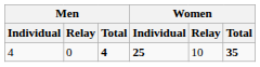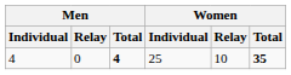 <table class="wikitable">
 <tr>
 <th colspan="3"><strong>Men</strong></th>
 <th colspan="3"><strong>Women</strong></th>
 </tr>
 <tr>
 <th><strong>Individual</strong></th>
 <th><strong>Relay</strong></th>
 <th><strong>Total</strong></th>
 <th><strong>Individual</strong></th>
 <th><strong>Relay</strong></th>
 <th><strong>Total</strong></th>
 </tr>
 <tr>
 <td>4</td>
 <td>0</td>
 <td><strong>4</strong></td>
-<td><strong>25</strong></td>
+<td>25</td>
 <td>10</td>
 <td><strong>35</strong></td>
 </tr>
 </table>
